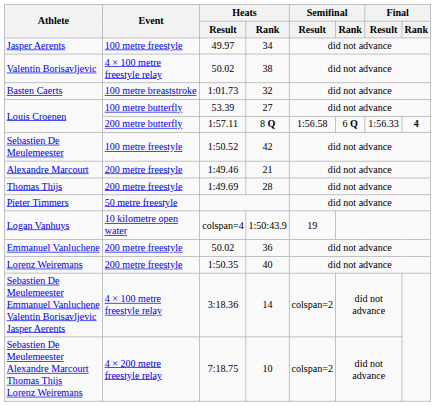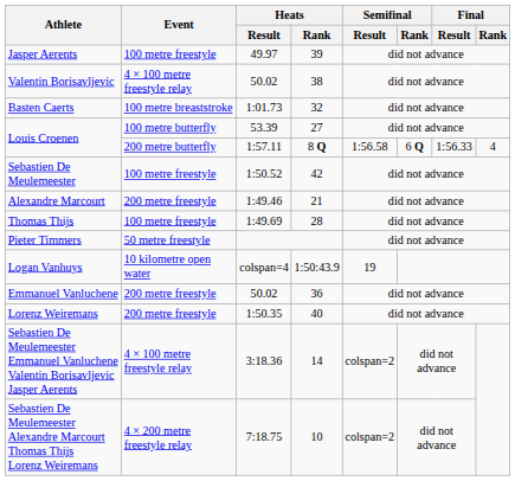 <table class="wikitable" border="1" style="font-size:90%; text-align:center">
 <tr>
 <th rowspan="2">Athlete</th>
 <th rowspan="2">Event</th>
 <th colspan="2">Heats</th>
 <th colspan="2">Semifinal</th>
 <th colspan="2">Final</th>
 </tr>
 <tr>
 <th>Result</th>
 <th>Rank</th>
 <th>Result</th>
 <th>Rank</th>
 <th>Result</th>
 <th>Rank</th>
 </tr>
 <tr>
 <td align="left"><a href='#'>Jasper Aerents</a></td>
 <td align="left"><a href='#'>100 metre freestyle</a></td>
 <td>49.97</td>
-<td>34</td>
+<td>39</td>
 <td colspan=4>did not advance</td>
 </tr>
 <tr>
 <td align="left"><a href='#'>Valentin Borisavljevic</a></td>
 <td align="left"><a href='#'>4 × 100 metre freestyle relay</a></td>
 <td>50.02</td>
 <td>38</td>
 <td colspan=4>did not advance</td>
 </tr>
 <tr>
 <td align="left"><a href='#'>Basten Caerts</a></td>
 <td align="left"><a href='#'>100 metre breaststroke</a></td>
 <td>1:01.73</td>
 <td>32</td>
 <td colspan=4>did not advance</td>
 </tr>
 <tr>
 <td align="left" rowspan=2><a href='#'>Louis Croenen</a></td>
 <td align="left"><a href='#'>100 metre butterfly</a></td>
 <td>53.39</td>
 <td>27</td>
 <td colspan=4>did not advance</td>
 </tr>
 <tr>
 <td align="left"><a href='#'>200 metre butterfly</a></td>
 <td>1:57.11</td>
 <td>8 <strong>Q</strong></td>
 <td>1:56.58</td>
 <td>6 <strong>Q</strong></td>
 <td>1:56.33</td>
-<td><strong>4</strong></td>
+<td>4</td>
 </tr>
 <tr>
 <td align="left"><a href='#'>Sebastien De Meulemeester</a></td>
 <td align="left"><a href='#'>100 metre freestyle</a></td>
 <td>1:50.52</td>
 <td>42</td>
 <td colspan=4>did not advance</td>
 </tr>
 <tr>
 <td align="left"><a href='#'>Alexandre Marcourt</a></td>
 <td align="left"><a href='#'>200 metre freestyle</a></td>
 <td>1:49.46</td>
 <td>21</td>
 <td colspan=4>did not advance</td>
 </tr>
 <tr>
 <td align="left"><a href='#'>Thomas Thijs</a></td>
-<td align="left"><a href='#'>200 metre freestyle</a></td>
+<td align="left"><a href='#'>100 metre freestyle</a></td>
 <td>1:49.69</td>
 <td>28</td>
 <td colspan=4>did not advance</td>
 </tr>
 <tr>
 <td align="left"><a href='#'>Pieter Timmers</a></td>
 <td align="left"><a href='#'>50 metre freestyle</a></td>
 <td colspan=2></td>
 <td colspan=4>did not advance</td>
 </tr>
 <tr>
 <td align="left"><a href='#'>Logan Vanhuys</a></td>
 <td align="left"><a href='#'>10 kilometre open water</a></td>
 <td>colspan=4</td>
 <td>1:50:43.9</td>
 <td>19</td>
 </tr>
 <tr>
 <td align="left"><a href='#'>Emmanuel Vanluchene</a></td>
 <td align="left"><a href='#'>200 metre freestyle</a></td>
 <td>50.02</td>
 <td>36</td>
 <td colspan=4>did not advance</td>
 </tr>
 <tr>
 <td align="left"><a href='#'>Lorenz Weiremans</a></td>
 <td align="left"><a href='#'>200 metre freestyle</a></td>
 <td>1:50.35</td>
 <td>40</td>
 <td colspan=4>did not advance</td>
 </tr>
 <tr>
 <td align="left"><a href='#'>Sebastien De Meulemeester</a><br><a href='#'>Emmanuel Vanluchene</a><br><a href='#'>Valentin Borisavljevic</a><br><a href='#'>Jasper Aerents</a></td>
 <td align="left"><a href='#'>4 × 100 metre freestyle relay</a></td>
 <td>3:18.36</td>
 <td>14</td>
 <td>colspan=2</td>
 <td colspan=2>did not advance</td>
 </tr>
 <tr>
 <td align="left"><a href='#'>Sebastien De Meulemeester</a><br><a href='#'>Alexandre Marcourt</a><br><a href='#'>Thomas Thijs</a><br><a href='#'>Lorenz Weiremans</a></td>
 <td align="left"><a href='#'>4 × 200 metre freestyle relay</a></td>
 <td>7:18.75</td>
 <td>10</td>
 <td>colspan=2</td>
 <td colspan=2>did not advance</td>
 </tr>
 </table>
